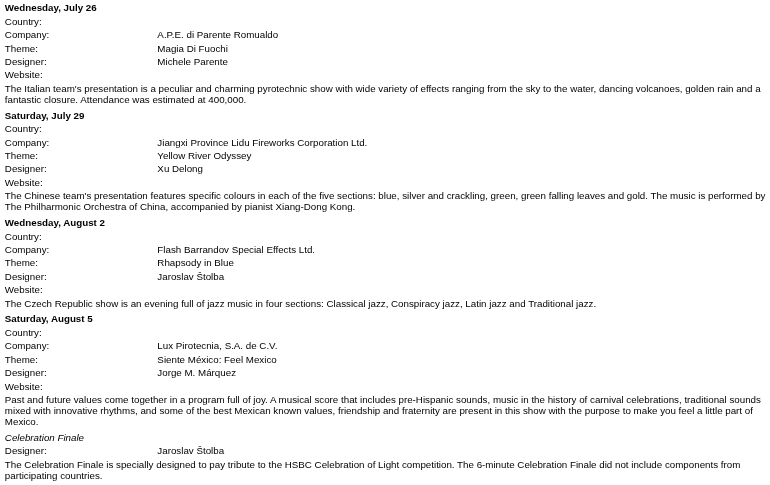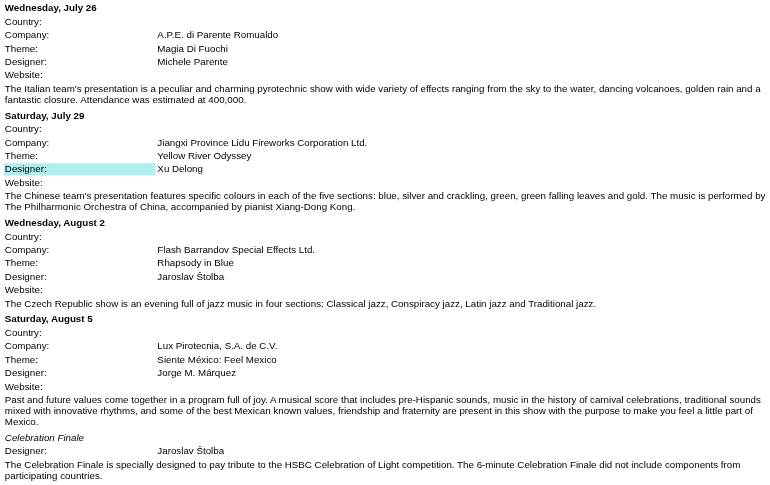 <table border="0">
 <tr>
 <td colspan="2"><strong>Wednesday, July 26</strong></td>
 </tr>
 <tr>
 <td>Country:</td>
 <td></td>
 </tr>
 <tr>
 <td>Company:</td>
 <td>A.P.E. di Parente Romualdo</td>
 </tr>
 <tr>
 <td>Theme:</td>
 <td>Magia Di Fuochi</td>
 </tr>
 <tr>
 <td>Designer:</td>
 <td>Michele Parente</td>
 </tr>
 <tr>
 <td>Website:</td>
 <td></td>
 </tr>
 <tr>
 <td colspan="2">The Italian team's presentation is a peculiar and charming pyrotechnic show with wide variety of effects ranging from the sky to the water, dancing volcanoes, golden rain and a fantastic closure. Attendance was estimated at 400,000.</td>
 </tr>
 <tr>
 <td></td>
 </tr>
 <tr>
 <td colspan="2"><strong>Saturday, July 29</strong></td>
 </tr>
 <tr>
 <td>Country:</td>
 <td></td>
 <td rowspan="6"></td>
 </tr>
 <tr>
 <td>Company:</td>
 <td>Jiangxi Province Lidu Fireworks Corporation Ltd.</td>
 </tr>
 <tr>
 <td>Theme:</td>
 <td>Yellow River Odyssey</td>
 </tr>
 <tr>
-<td>Designer:</td>
+<td style="background: paleturquoise;">Designer:</td>
 <td>Xu Delong</td>
 </tr>
 <tr>
 <td>Website:</td>
 <td></td>
 </tr>
 <tr>
 <td colspan="2">The Chinese team's presentation features specific colours in each of the five sections: blue, silver and crackling, green, green falling leaves and gold. The music is performed by The Philharmonic Orchestra of China, accompanied by pianist Xiang-Dong Kong.</td>
 </tr>
 <tr>
 <td></td>
 </tr>
 <tr>
 <td colspan="2"><strong>Wednesday, August 2</strong></td>
 </tr>
 <tr>
 <td>Country:</td>
 <td></td>
 </tr>
 <tr>
 <td>Company:</td>
 <td>Flash Barrandov Special Effects Ltd.</td>
 </tr>
 <tr>
 <td>Theme:</td>
 <td>Rhapsody in Blue</td>
 </tr>
 <tr>
 <td>Designer:</td>
 <td>Jaroslav Štolba</td>
 </tr>
 <tr>
 <td>Website:</td>
 <td></td>
 </tr>
 <tr>
 <td colspan="2">The Czech Republic show is an evening full of jazz music in four sections: Classical jazz, Conspiracy jazz, Latin jazz and Traditional jazz.</td>
 </tr>
 <tr>
 <td></td>
 </tr>
 <tr>
 <td colspan="2"><strong>Saturday, August 5</strong></td>
 </tr>
 <tr>
 <td>Country:</td>
 <td></td>
 </tr>
 <tr>
 <td>Company:</td>
 <td>Lux Pirotecnia, S.A. de C.V.</td>
 </tr>
 <tr>
 <td>Theme:</td>
 <td>Siente México: Feel Mexico</td>
 </tr>
 <tr>
 <td>Designer:</td>
 <td>Jorge M. Márquez</td>
 </tr>
 <tr>
 <td>Website:</td>
 <td></td>
 </tr>
 <tr>
 <td colspan="2">Past and future values come together in a program full of joy. A musical score that includes pre-Hispanic sounds, music in the history of carnival celebrations, traditional sounds mixed with innovative rhythms, and some of the best Mexican known values, friendship and fraternity are present in this show with the purpose to make you feel a little part of Mexico.</td>
 </tr>
 <tr>
 <td></td>
 </tr>
 <tr>
 <td colspan="2"><em>Celebration Finale</em></td>
 </tr>
 <tr>
 <td>Designer:</td>
 <td>Jaroslav Štolba</td>
 </tr>
 <tr>
 <td colspan="2">The Celebration Finale is specially designed to pay tribute to the HSBC Celebration of Light competition. The 6-minute Celebration Finale did not include components from participating countries.</td>
 </tr>
 </table>
